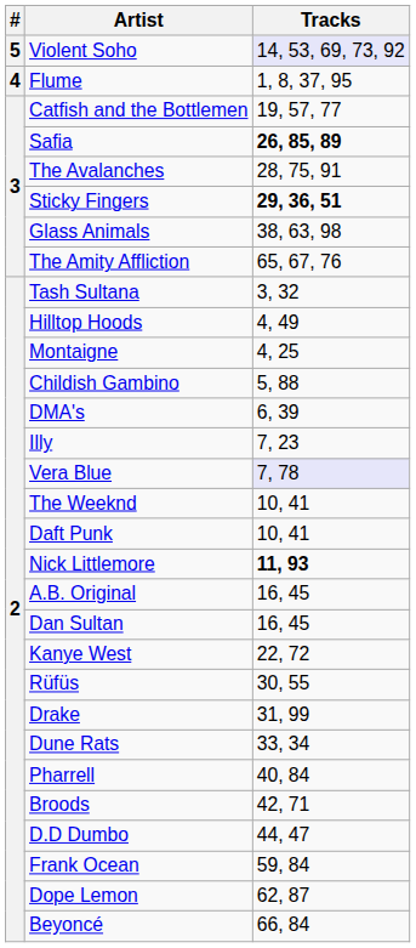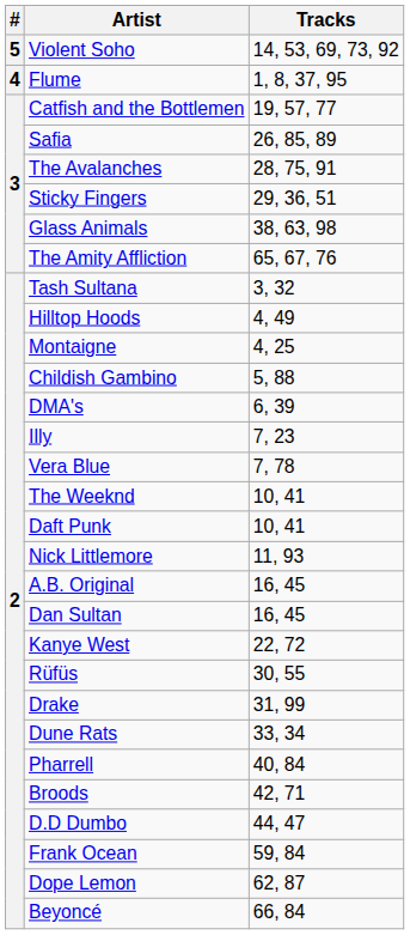 <table class="wikitable sortable">
 <tr>
 <th>#</th>
 <th>Artist</th>
 <th>Tracks</th>
 </tr>
 <tr>
 <th>5</th>
 <td><a href='#'>Violent Soho</a></td>
-<td style="background: lavender;">14, 53, 69, 73, 92</td>
+<td>14, 53, 69, 73, 92</td>
 </tr>
 <tr>
 <th>4</th>
 <td><a href='#'>Flume</a></td>
 <td>1, 8, 37, 95</td>
 </tr>
 <tr>
 <th rowspan="6">3</th>
 <td><a href='#'>Catfish and the Bottlemen</a></td>
 <td>19, 57, 77</td>
 </tr>
 <tr>
 <td><a href='#'>Safia</a></td>
-<td><strong>26, 85, 89</strong></td>
+<td>26, 85, 89</td>
 </tr>
 <tr>
 <td><a href='#'>The Avalanches</a></td>
 <td>28, 75, 91</td>
 </tr>
 <tr>
 <td><a href='#'>Sticky Fingers</a></td>
-<td><strong>29, 36, 51</strong></td>
+<td>29, 36, 51</td>
 </tr>
 <tr>
 <td><a href='#'>Glass Animals</a></td>
 <td>38, 63, 98</td>
 </tr>
 <tr>
 <td><a href='#'>The Amity Affliction</a></td>
 <td>65, 67, 76</td>
 </tr>
 <tr>
 <th rowspan="22">2</th>
 <td><a href='#'>Tash Sultana</a></td>
 <td>3, 32</td>
 </tr>
 <tr>
 <td><a href='#'>Hilltop Hoods</a></td>
 <td>4, 49</td>
 </tr>
 <tr>
 <td><a href='#'>Montaigne</a></td>
 <td>4, 25</td>
 </tr>
 <tr>
 <td><a href='#'>Childish Gambino</a></td>
 <td>5, 88</td>
 </tr>
 <tr>
 <td><a href='#'>DMA's</a></td>
 <td>6, 39</td>
 </tr>
 <tr>
 <td><a href='#'>Illy</a></td>
 <td>7, 23</td>
 </tr>
 <tr>
 <td><a href='#'>Vera Blue</a></td>
-<td style="background: lavender;">7, 78</td>
+<td>7, 78</td>
 </tr>
 <tr>
 <td><a href='#'>The Weeknd</a></td>
 <td>10, 41</td>
 </tr>
 <tr>
 <td><a href='#'>Daft Punk</a></td>
 <td>10, 41</td>
 </tr>
 <tr>
 <td><a href='#'>Nick Littlemore</a></td>
-<td><strong>11, 93</strong></td>
+<td>11, 93</td>
 </tr>
 <tr>
 <td><a href='#'>A.B. Original</a></td>
 <td>16, 45</td>
 </tr>
 <tr>
 <td><a href='#'>Dan Sultan</a></td>
 <td>16, 45</td>
 </tr>
 <tr>
 <td><a href='#'>Kanye West</a></td>
 <td>22, 72</td>
 </tr>
 <tr>
 <td><a href='#'>Rüfüs</a></td>
 <td>30, 55</td>
 </tr>
 <tr>
 <td><a href='#'>Drake</a></td>
 <td>31, 99</td>
 </tr>
 <tr>
 <td><a href='#'>Dune Rats</a></td>
 <td>33, 34</td>
 </tr>
 <tr>
 <td><a href='#'>Pharrell</a></td>
 <td>40, 84</td>
 </tr>
 <tr>
 <td><a href='#'>Broods</a></td>
 <td>42, 71</td>
 </tr>
 <tr>
 <td><a href='#'>D.D Dumbo</a></td>
 <td>44, 47</td>
 </tr>
 <tr>
 <td><a href='#'>Frank Ocean</a></td>
 <td>59, 84</td>
 </tr>
 <tr>
 <td><a href='#'>Dope Lemon</a></td>
 <td>62, 87</td>
 </tr>
 <tr>
 <td><a href='#'>Beyoncé</a></td>
 <td>66, 84</td>
 </tr>
 </table>
